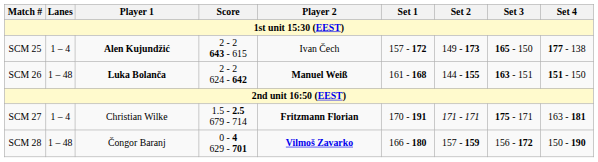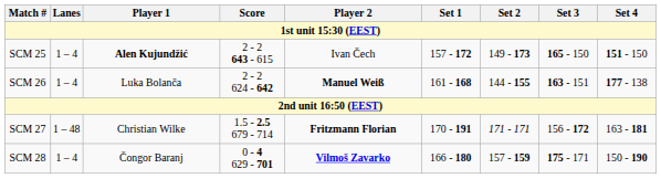 <table class="wikitable">
 <tr>
 <th width="7%">Match #</th>
 <th width="5%">Lanes</th>
 <th width="21%">Player 1</th>
 <th width="10%">Score</th>
 <th width="21%">Player 2</th>
 <th width="9%">Set 1</th>
 <th width="9%">Set 2</th>
 <th width="9%">Set 3</th>
 <th width="9%">Set 4</th>
 </tr>
 <tr>
 <td colspan="9" style="text-align:center; background-color:#FFFACD"><strong>1st unit 15:30 (<a href='#'>EEST</a>)</strong></td>
 </tr>
 <tr style=text-align:center;"background:#;">
 <td>SCM 25</td>
 <td>1 – 4</td>
 <td> <strong>Alen Kujundžić</strong></td>
 <td>2 - 2 <br> <strong>643</strong> - 615</td>
 <td> Ivan Čech</td>
 <td>157 - <strong>172</strong></td>
 <td>149 - <strong>173</strong></td>
 <td><strong>165</strong> - 150</td>
-<td><strong>177</strong> - 138</td>
+<td><strong>151</strong> - 150</td>
 </tr>
 <tr style=text-align:center;"background:#;">
 <td>SCM 26</td>
-<td>1 – 48</td>
-<td><strong> Luka Bolanča</strong></td>
+<td>1 – 4</td>
+<td> Luka Bolanča</td>
 <td>2 - 2 <br> 624 - <strong>642</strong></td>
 <td> <strong>Manuel Weiß</strong></td>
 <td>161 - <strong>168</strong></td>
 <td>144 - <strong>155</strong></td>
 <td><strong>163</strong> - 151</td>
-<td><strong>151</strong> - 150</td>
+<td><strong>177</strong> - 138</td>
 </tr>
 <tr>
 <td colspan="9" style="text-align:center; background-color:#FFFACD"><strong>2nd unit 16:50 (<a href='#'>EEST</a>)</strong></td>
 </tr>
 <tr style=text-align:center;"background:#;">
 <td>SCM 27</td>
-<td>1 – 4</td>
+<td>1 – 48</td>
 <td> Christian Wilke</td>
 <td>1.5 - <strong>2.5</strong> <br> 679 - 714</td>
 <td> <strong>Fritzmann Florian</strong></td>
 <td>170 - <strong>191</strong></td>
 <td><em>171</em> - <em>171</em></td>
-<td><strong>175</strong> - 171</td>
+<td>156 - <strong>172</strong></td>
 <td>163 - <strong>181</strong></td>
 </tr>
 <tr style=text-align:center;"background:#;">
 <td>SCM 28</td>
-<td>1 – 48</td>
+<td>1 – 4</td>
 <td> Čongor Baranj</td>
 <td>0 - <strong>4</strong> <br> 629 - <strong>701</strong></td>
 <td> <strong><a href='#'>Vilmoš Zavarko</a></strong></td>
 <td>166 - <strong>180</strong></td>
 <td>157 - <strong>159</strong></td>
-<td>156 - <strong>172</strong></td>
+<td><strong>175</strong> - 171</td>
 <td>150 - <strong>190</strong></td>
 </tr>
 </table>
